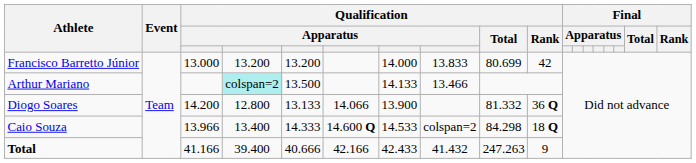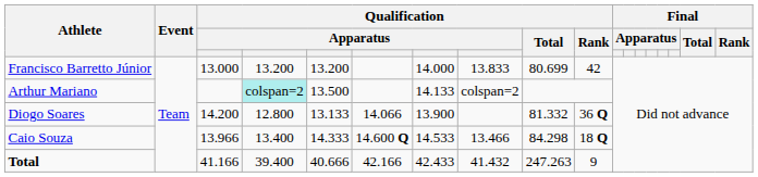 <table class="wikitable" style="font-size:90%">
 <tr>
 <th rowspan=3>Athlete</th>
 <th rowspan=3>Event</th>
 <th colspan =8>Qualification</th>
 <th colspan =8>Final</th>
 </tr>
 <tr style="font-size:95%">
 <th colspan=6>Apparatus</th>
 <th rowspan=2>Total</th>
 <th rowspan=2>Rank</th>
 <th colspan=6>Apparatus</th>
 <th rowspan=2>Total</th>
 <th rowspan=2>Rank</th>
 </tr>
 <tr style="font-size:95%">
 <th></th>
 <th></th>
 <th></th>
 <th></th>
 <th></th>
 <th></th>
 <th></th>
 <th></th>
 <th></th>
 <th></th>
 <th></th>
 <th></th>
 </tr>
 <tr align=center>
 <td align=left><a href='#'>Francisco Barretto Júnior</a></td>
 <td align=left rowspan=5><a href='#'>Team</a></td>
 <td>13.000</td>
 <td>13.200</td>
 <td>13.200</td>
 <td></td>
 <td>14.000</td>
 <td>13.833</td>
 <td>80.699</td>
 <td>42</td>
 <td colspan="8" rowspan="5">Did not advance</td>
 </tr>
 <tr align=center>
 <td align=left><a href='#'>Arthur Mariano</a></td>
 <td></td>
 <td style="background: paleturquoise;">colspan=2 </td>
 <td>13.500</td>
 <td></td>
 <td>14.133</td>
-<td>13.466</td>
+<td>colspan=2 </td>
 </tr>
 <tr align=center>
 <td align=left><a href='#'>Diogo Soares</a></td>
 <td>14.200</td>
 <td>12.800</td>
 <td>13.133</td>
 <td>14.066</td>
 <td>13.900</td>
 <td></td>
 <td>81.332</td>
 <td>36 <strong>Q</strong></td>
 </tr>
 <tr align=center>
 <td align=left><a href='#'>Caio Souza</a></td>
 <td>13.966</td>
 <td>13.400</td>
 <td>14.333</td>
 <td>14.600 <strong>Q</strong></td>
 <td>14.533</td>
-<td>colspan=2 </td>
+<td>13.466</td>
 <td>84.298</td>
 <td>18 <strong>Q</strong></td>
 </tr>
 <tr align=center>
 <td align=left><strong>Total</strong></td>
 <td>41.166</td>
 <td>39.400</td>
 <td>40.666</td>
 <td>42.166</td>
 <td>42.433</td>
 <td>41.432</td>
 <td>247.263</td>
 <td>9</td>
 </tr>
 </table>
